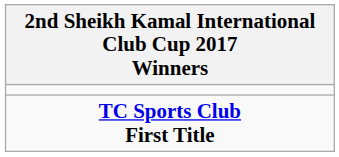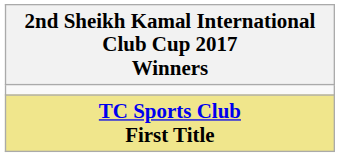 <table class="wikitable" style="text-align: center; margin: 0 auto; width: 20%">
 <tr>
 <th>2nd Sheikh Kamal International Club Cup 2017<br>Winners</th>
 </tr>
 <tr>
 <td></td>
 </tr>
 <tr>
-<td><strong><a href='#'>TC Sports Club</a></strong><br><strong>First Title</strong></td>
+<td style="background: khaki;"><strong><a href='#'>TC Sports Club</a></strong><br><strong>First Title</strong></td>
 </tr>
 </table>
